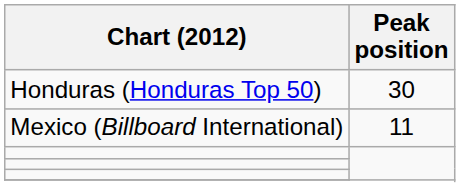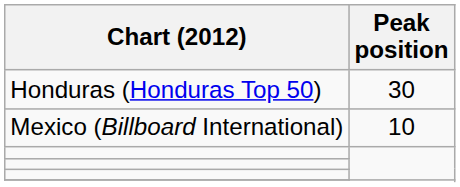 <table class="wikitable sortable" border="1">
 <tr>
 <th>Chart (2012)</th>
 <th>Peak<br>position</th>
 </tr>
 <tr>
 <td>Honduras (<a href='#'>Honduras Top 50</a>)</td>
 <td align="center">30</td>
 </tr>
 <tr>
 <td>Mexico (<em>Billboard</em> International)</td>
-<td style="text-align:center;">11</td>
+<td style="text-align:center;">10</td>
 </tr>
 <tr>
 <td></td>
 </tr>
 <tr>
 <td></td>
 </tr>
 <tr>
 <td></td>
 </tr>
 <tr>
 </tr>
 </table>
